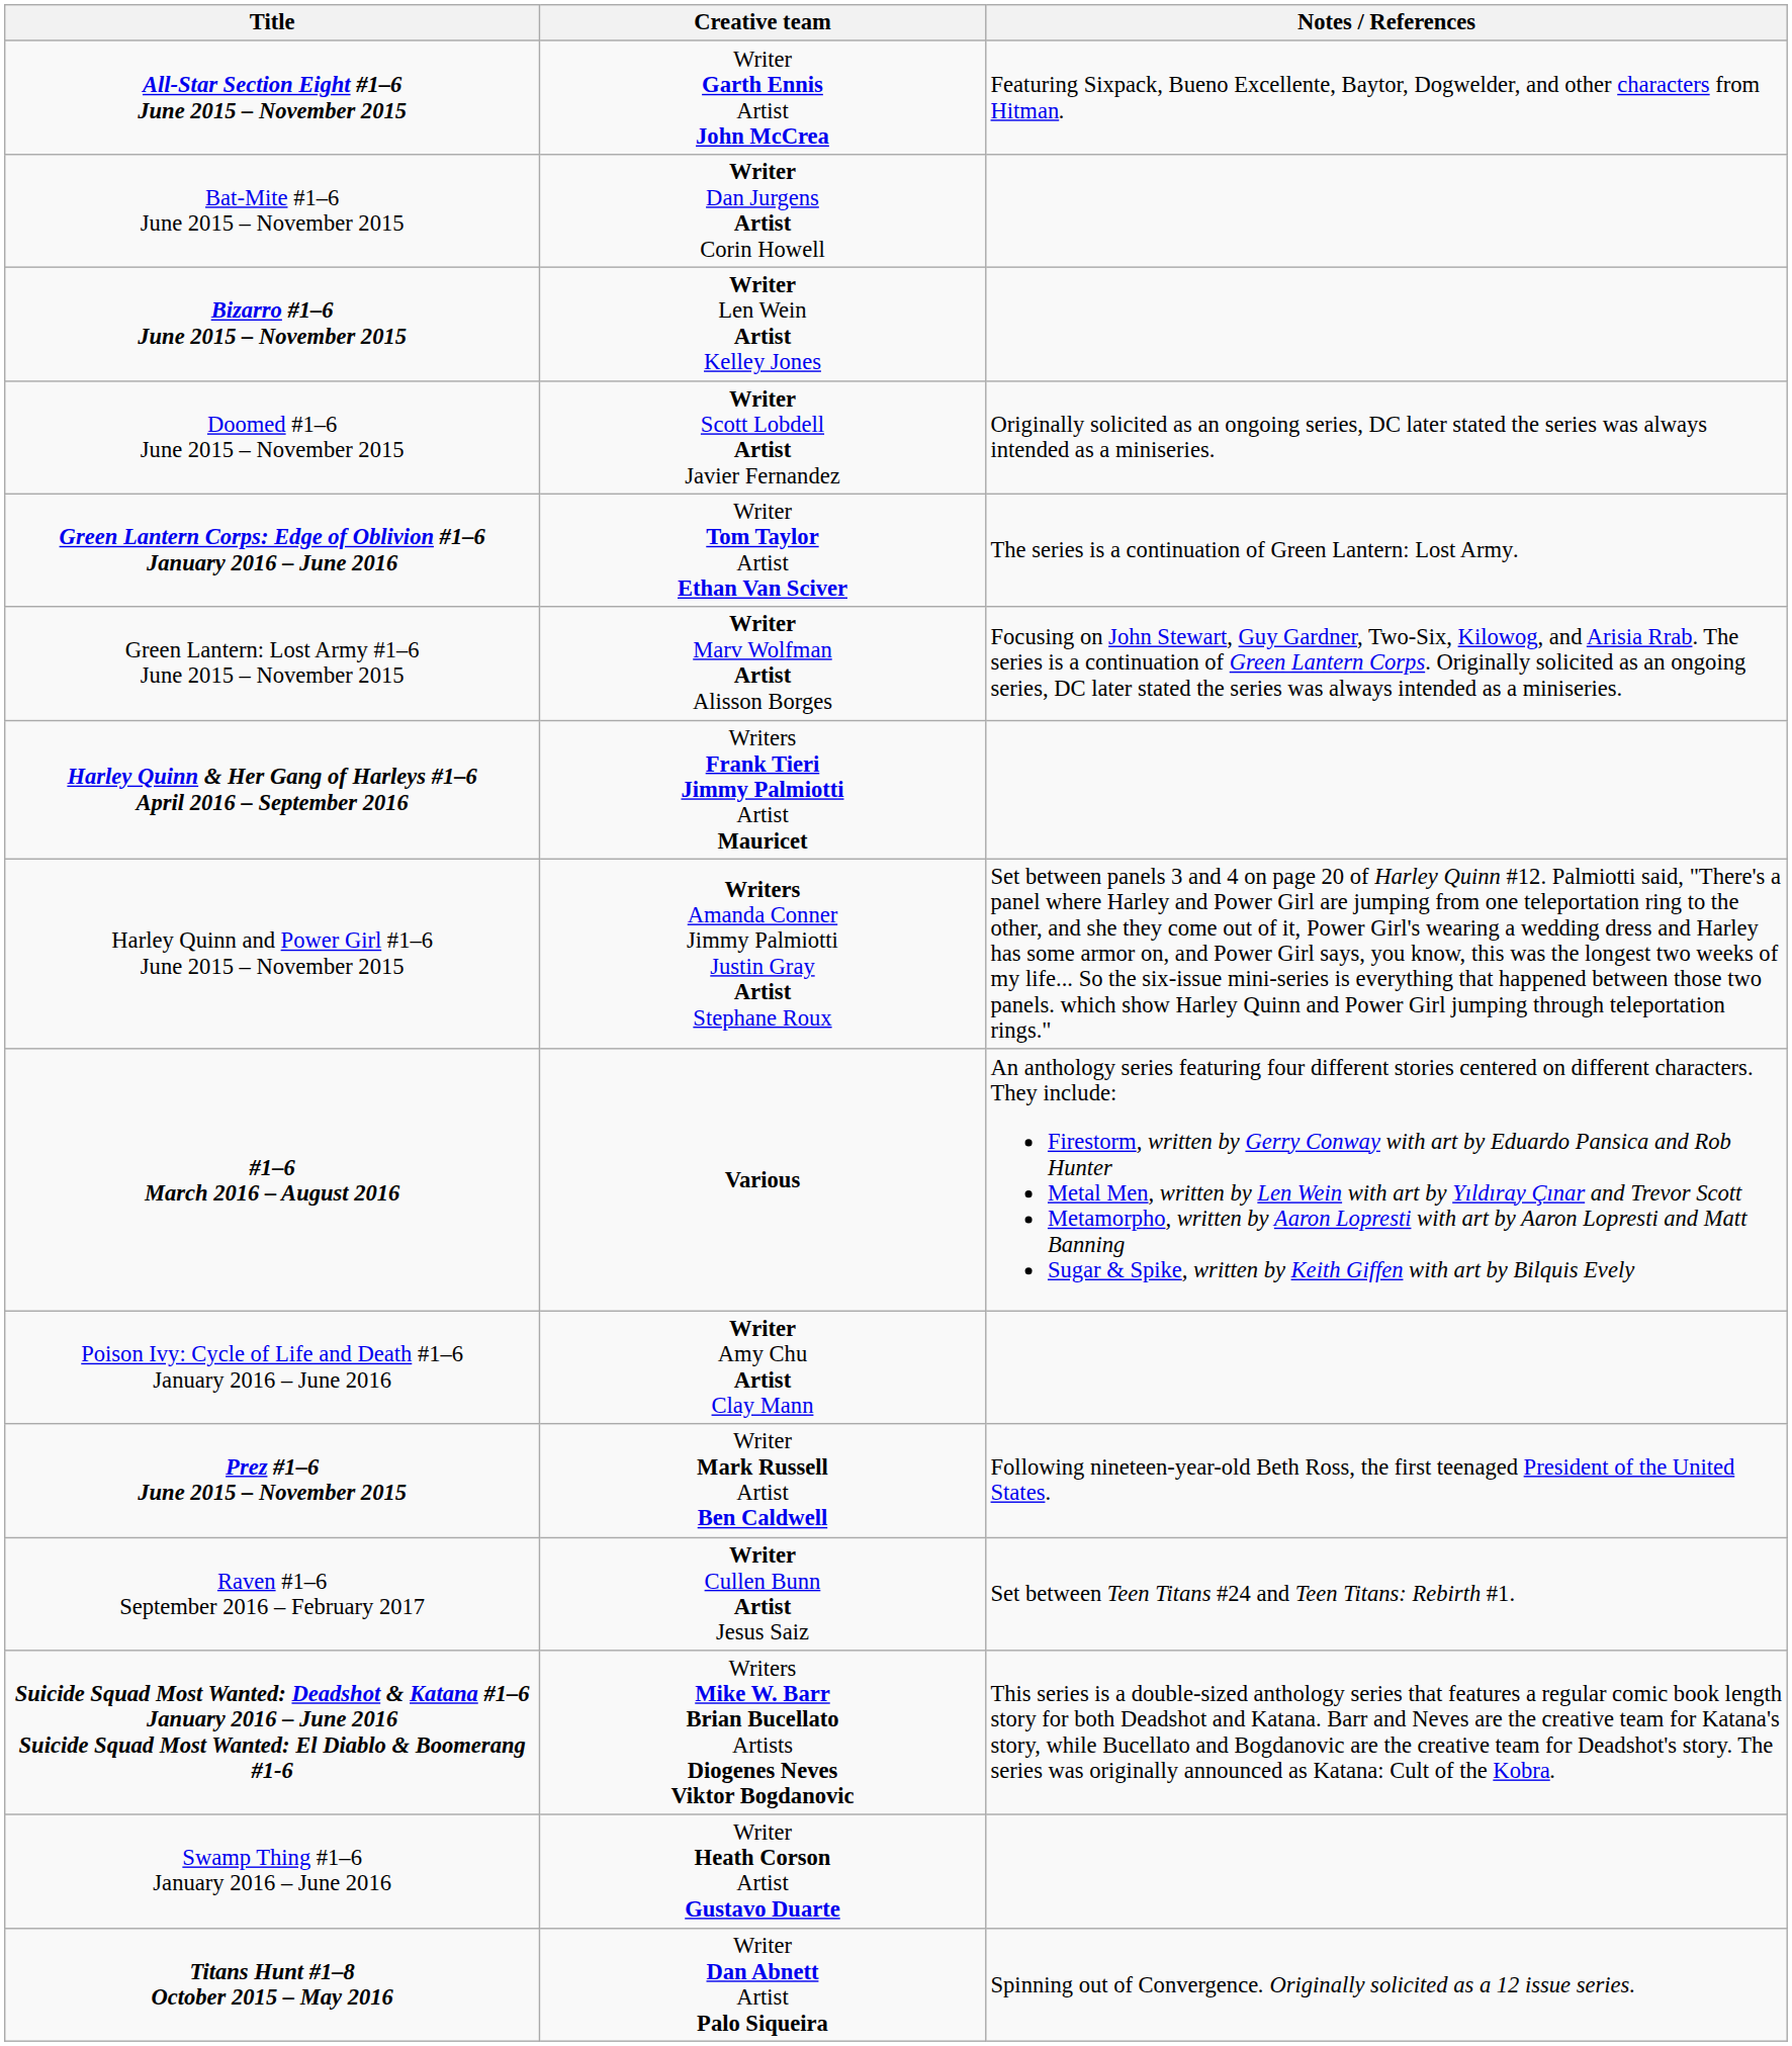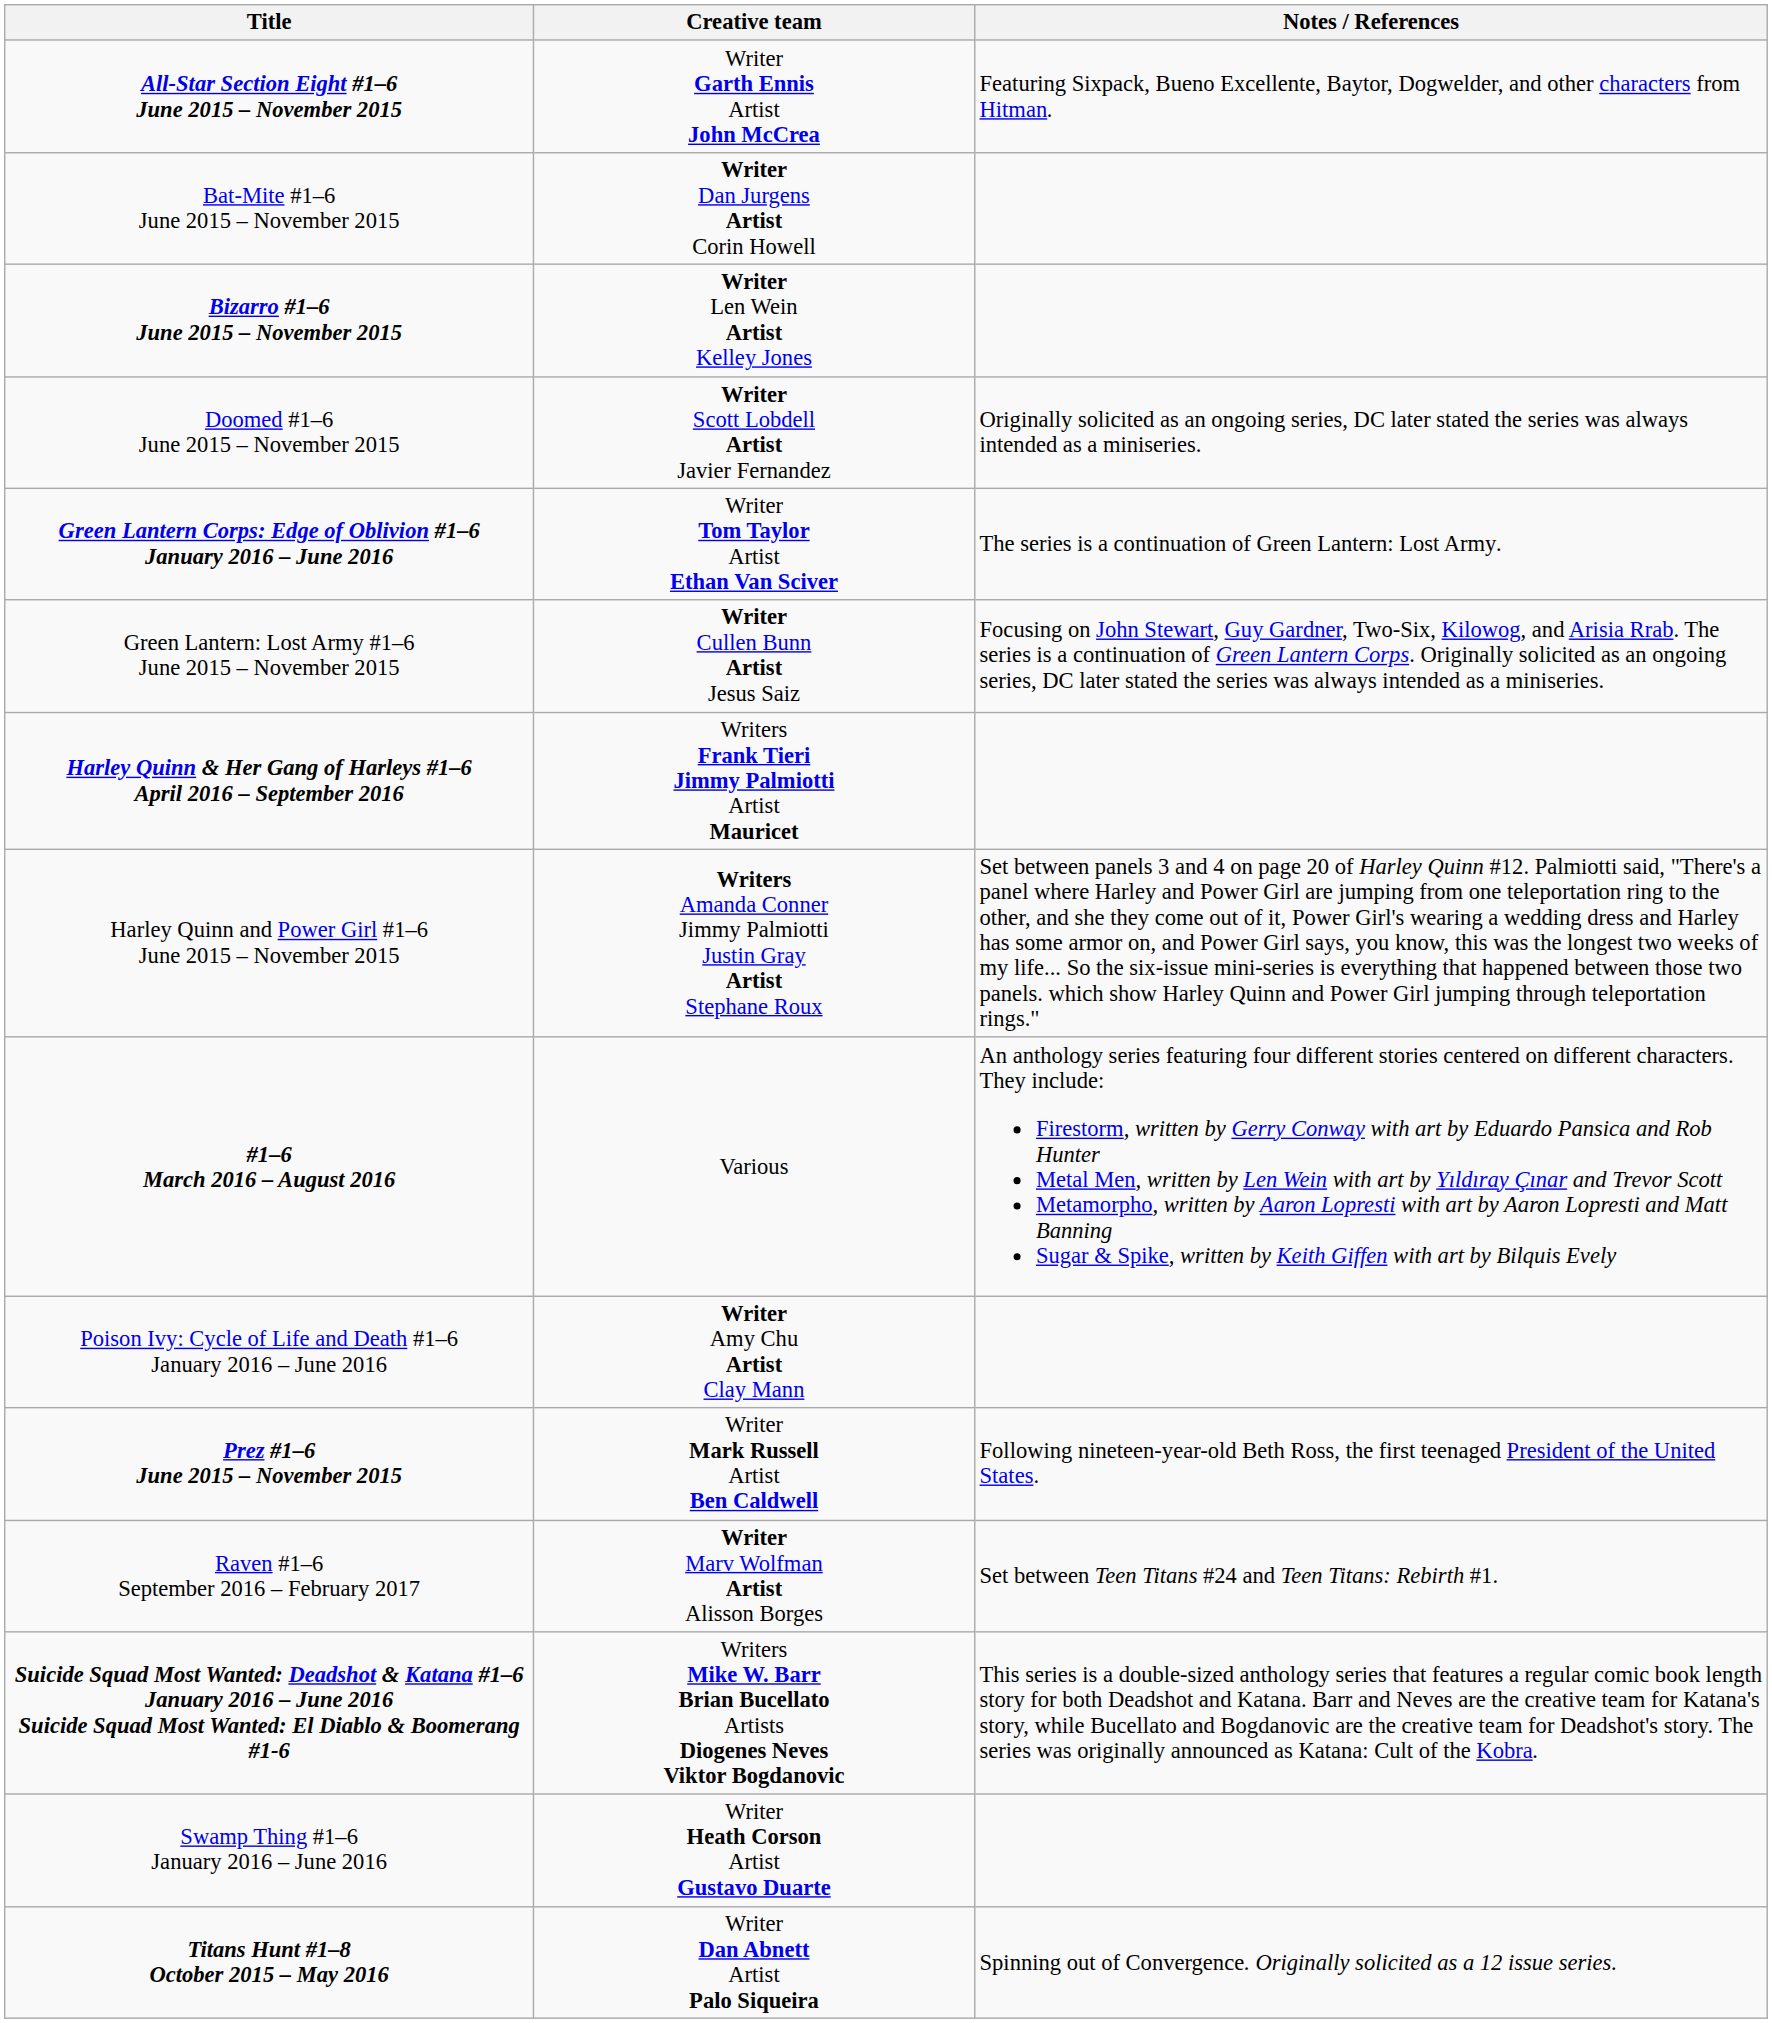 <table class="wikitable sortable" style="text-align:center; font-weight:normal;" width=99%>
 <tr>
 <th scope="col" width="18%" align="center">Title</th>
 <th scope="col" width="15%" align="center" class=unsortable>Creative team</th>
 <th scope="col" width="27%" align="center" class=unsortable>Notes / References</th>
 </tr>
 <tr>
 <td scope="row"><strong><em><a href='#'>All-Star Section Eight</a><em> #1–6<strong><br>June 2015 – November 2015</td>
 <td></strong>Writer<strong><br><a href='#'>Garth Ennis</a><br></strong>Artist<strong><br><a href='#'>John McCrea</a></td>
 <td align="left">Featuring Sixpack, Bueno Excellente, Baytor, Dogwelder, and other <a href='#'>characters</a> from </em><a href='#'>Hitman</a><em>.</td>
 </tr>
 <tr>
 <td scope="row"></em></strong><a href='#'>Bat-Mite</a></em> #1–6</strong><br>June 2015 – November 2015</td>
 <td><strong>Writer</strong><br><a href='#'>Dan Jurgens</a><br><strong>Artist</strong><br>Corin Howell</td>
 <td align="left"></td>
 </tr>
 <tr>
 <td scope="row"><strong><em><a href='#'>Bizarro</a><em> #1–6<strong><br>June 2015 – November 2015</td>
 <td><strong>Writer</strong><br>Len Wein<br><strong>Artist</strong><br><a href='#'>Kelley Jones</a></td>
 <td align="left"></td>
 </tr>
 <tr>
 <td scope="row"></em></strong><a href='#'>Doomed</a></em> #1–6</strong><br>June 2015 – November 2015</td>
 <td><strong>Writer</strong><br><a href='#'>Scott Lobdell</a><br><strong>Artist</strong><br>Javier Fernandez</td>
 <td align="left">Originally solicited as an ongoing series, DC later stated the series was always intended as a miniseries.</td>
 </tr>
 <tr>
 <td scope="row"><strong><em><a href='#'>Green Lantern Corps: Edge of Oblivion</a><em> #1–6<strong><br>January 2016 – June 2016</td>
 <td></strong>Writer<strong><br><a href='#'>Tom Taylor</a><br></strong>Artist<strong><br><a href='#'>Ethan Van Sciver</a></td>
 <td align="left">The series is a continuation of </em>Green Lantern: Lost Army<em>.</td>
 </tr>
 <tr>
 <td scope="row"></em></strong>Green Lantern: Lost Army</em> #1–6</strong><br>June 2015 – November 2015</td>
-<td><strong>Writer</strong><br><a href='#'>Marv Wolfman</a><br><strong>Artist</strong><br>Alisson Borges</td>
+<td><strong>Writer</strong><br><a href='#'>Cullen Bunn</a><br><strong>Artist</strong><br>Jesus Saiz</td>
 <td align="left">Focusing on <a href='#'>John Stewart</a>, <a href='#'>Guy Gardner</a>, Two-Six, <a href='#'>Kilowog</a>, and <a href='#'>Arisia Rrab</a>. The series is a continuation of <em><a href='#'>Green Lantern Corps</a></em>. Originally solicited as an ongoing series, DC later stated the series was always intended as a miniseries.</td>
 </tr>
 <tr>
 <td scope="row"><strong><em><a href='#'>Harley Quinn</a> & Her Gang of Harleys<em> #1–6<strong><br>April 2016 – September 2016</td>
 <td></strong>Writers<strong><br><a href='#'>Frank Tieri</a><br><a href='#'>Jimmy Palmiotti</a><br></strong>Artist<strong><br>Mauricet</td>
 <td align="left"></td>
 </tr>
 <tr>
 <td scope="row"></em></strong>Harley Quinn and <a href='#'>Power Girl</a></em> #1–6</strong><br>June 2015 – November 2015</td>
 <td><strong>Writers</strong><br><a href='#'>Amanda Conner</a><br>Jimmy Palmiotti<br><a href='#'>Justin Gray</a><br><strong>Artist</strong><br><a href='#'>Stephane Roux</a></td>
 <td align="left">Set between panels 3 and 4 on page 20 of <em>Harley Quinn</em> #12. Palmiotti said, "There's a panel where Harley and Power Girl are jumping from one teleportation ring to the other, and she they come out of it, Power Girl's wearing a wedding dress and Harley has some armor on, and Power Girl says, you know, this was the longest two weeks of my life... So the six-issue mini-series is everything that happened between those two panels. which show Harley Quinn and Power Girl jumping through teleportation rings."</td>
 </tr>
 <tr>
 <td scope="row"><strong><em><em> #1–6<strong><br>March 2016 – August 2016</td>
-<td><strong>Various</strong></td>
+<td>Various</td>
 <td align="left">An anthology series featuring four different stories centered on different characters. They include:<br><ul><li></em><a href='#'>Firestorm</a><em>, written by <a href='#'>Gerry Conway</a> with art by Eduardo Pansica and Rob Hunter</li><li></em><a href='#'>Metal Men</a><em>, written by <a href='#'>Len Wein</a> with art by <a href='#'>Yıldıray Çınar</a> and Trevor Scott</li><li></em><a href='#'>Metamorpho</a><em>, written by <a href='#'>Aaron Lopresti</a> with art by Aaron Lopresti and Matt Banning</li><li></em><a href='#'>Sugar & Spike</a><em>, written by <a href='#'>Keith Giffen</a> with art by Bilquis Evely</li></ul></td>
 </tr>
 <tr>
 <td scope="row"></em></strong><a href='#'>Poison Ivy: Cycle of Life and Death</a></em> #1–6</strong><br>January 2016 – June 2016</td>
 <td><strong>Writer</strong><br>Amy Chu<br><strong>Artist</strong><br><a href='#'>Clay Mann</a></td>
 <td align="left"></td>
 </tr>
 <tr>
 <td scope="row"><strong><em><a href='#'>Prez</a><em> #1–6<strong><br>June 2015 – November 2015</td>
 <td></strong>Writer<strong><br>Mark Russell<br></strong>Artist<strong><br><a href='#'>Ben Caldwell</a></td>
 <td align="left">Following nineteen-year-old Beth Ross, the first teenaged <a href='#'>President of the United States</a>.</td>
 </tr>
 <tr>
 <td scope="row"></em></strong><a href='#'>Raven</a></em> #1–6</strong><br>September 2016 – February 2017</td>
-<td><strong>Writer</strong><br><a href='#'>Cullen Bunn</a><br><strong>Artist</strong><br>Jesus Saiz</td>
+<td><strong>Writer</strong><br><a href='#'>Marv Wolfman</a><br><strong>Artist</strong><br>Alisson Borges</td>
 <td align="left">Set between <em>Teen Titans</em> #24 and <em>Teen Titans: Rebirth</em> #1.</td>
 </tr>
 <tr>
 <td scope="row"><strong><em>Suicide Squad Most Wanted: <a href='#'>Deadshot</a> & <a href='#'>Katana</a><em> #1–6<strong><br>January 2016 – June 2016<br>Suicide Squad Most Wanted:  El Diablo & Boomerang #1-6</td>
 <td></strong>Writers<strong><br><a href='#'>Mike W. Barr</a><br>Brian Bucellato<br></strong>Artists<strong><br>Diogenes Neves<br>Viktor Bogdanovic</td>
 <td align="left">This series is a double-sized anthology series that features a regular comic book length story for both Deadshot and Katana. Barr and Neves are the creative team for Katana's story, while Bucellato and Bogdanovic are the creative team for Deadshot's story. The series was originally announced as </em>Katana: Cult of the <a href='#'>Kobra</a><em>.</td>
 </tr>
 <tr>
 <td scope="row"></em></strong><a href='#'>Swamp Thing</a></em> #1–6</strong><br>January 2016 – June 2016</td>
 <td></strong>Writer<strong><br>Heath Corson<br></strong>Artist<strong><br><a href='#'>Gustavo Duarte</a></td>
 <td align="left"></td>
 </tr>
 <tr>
 <td scope="row"><strong><em>Titans Hunt<em> #1–8<strong><br>October 2015 – May 2016</td>
 <td></strong>Writer<strong><br><a href='#'>Dan Abnett</a><br></strong>Artist<strong><br>Palo Siqueira</td>
 <td align="left">Spinning out of </em>Convergence<em>. Originally solicited as a 12 issue series.</td>
 </tr>
 </table>
